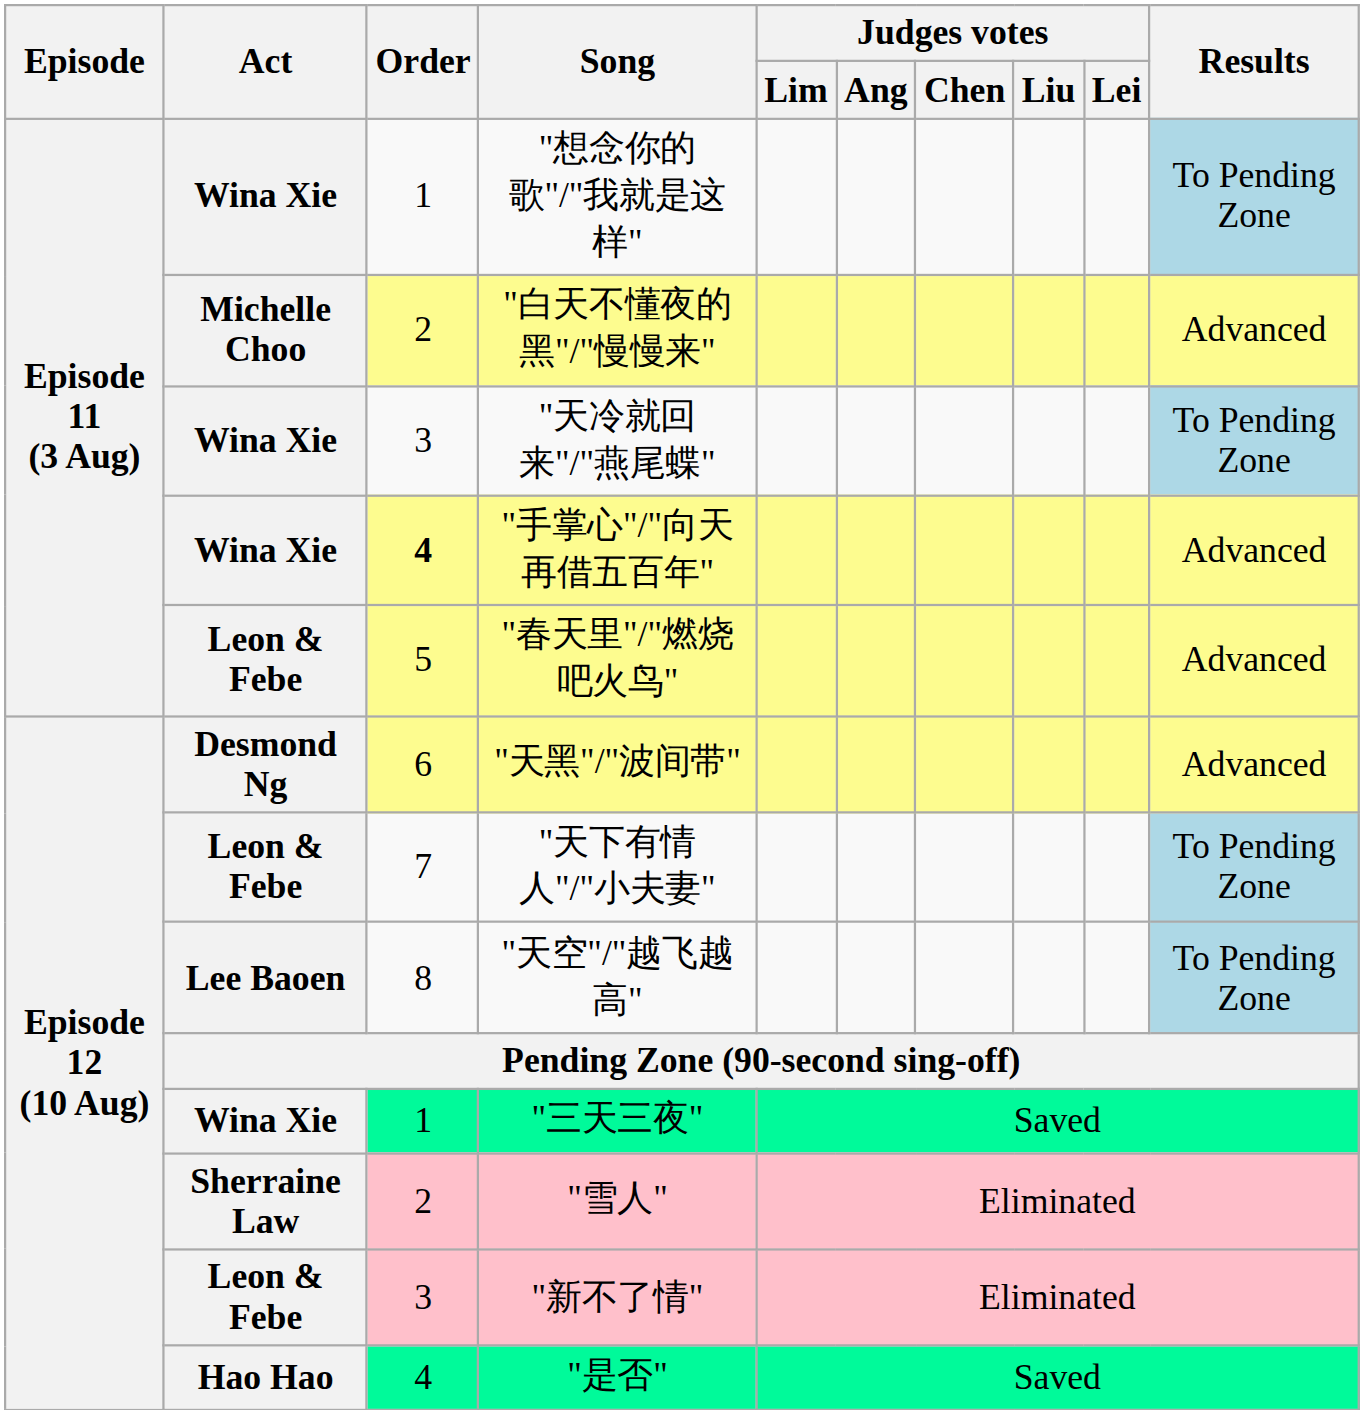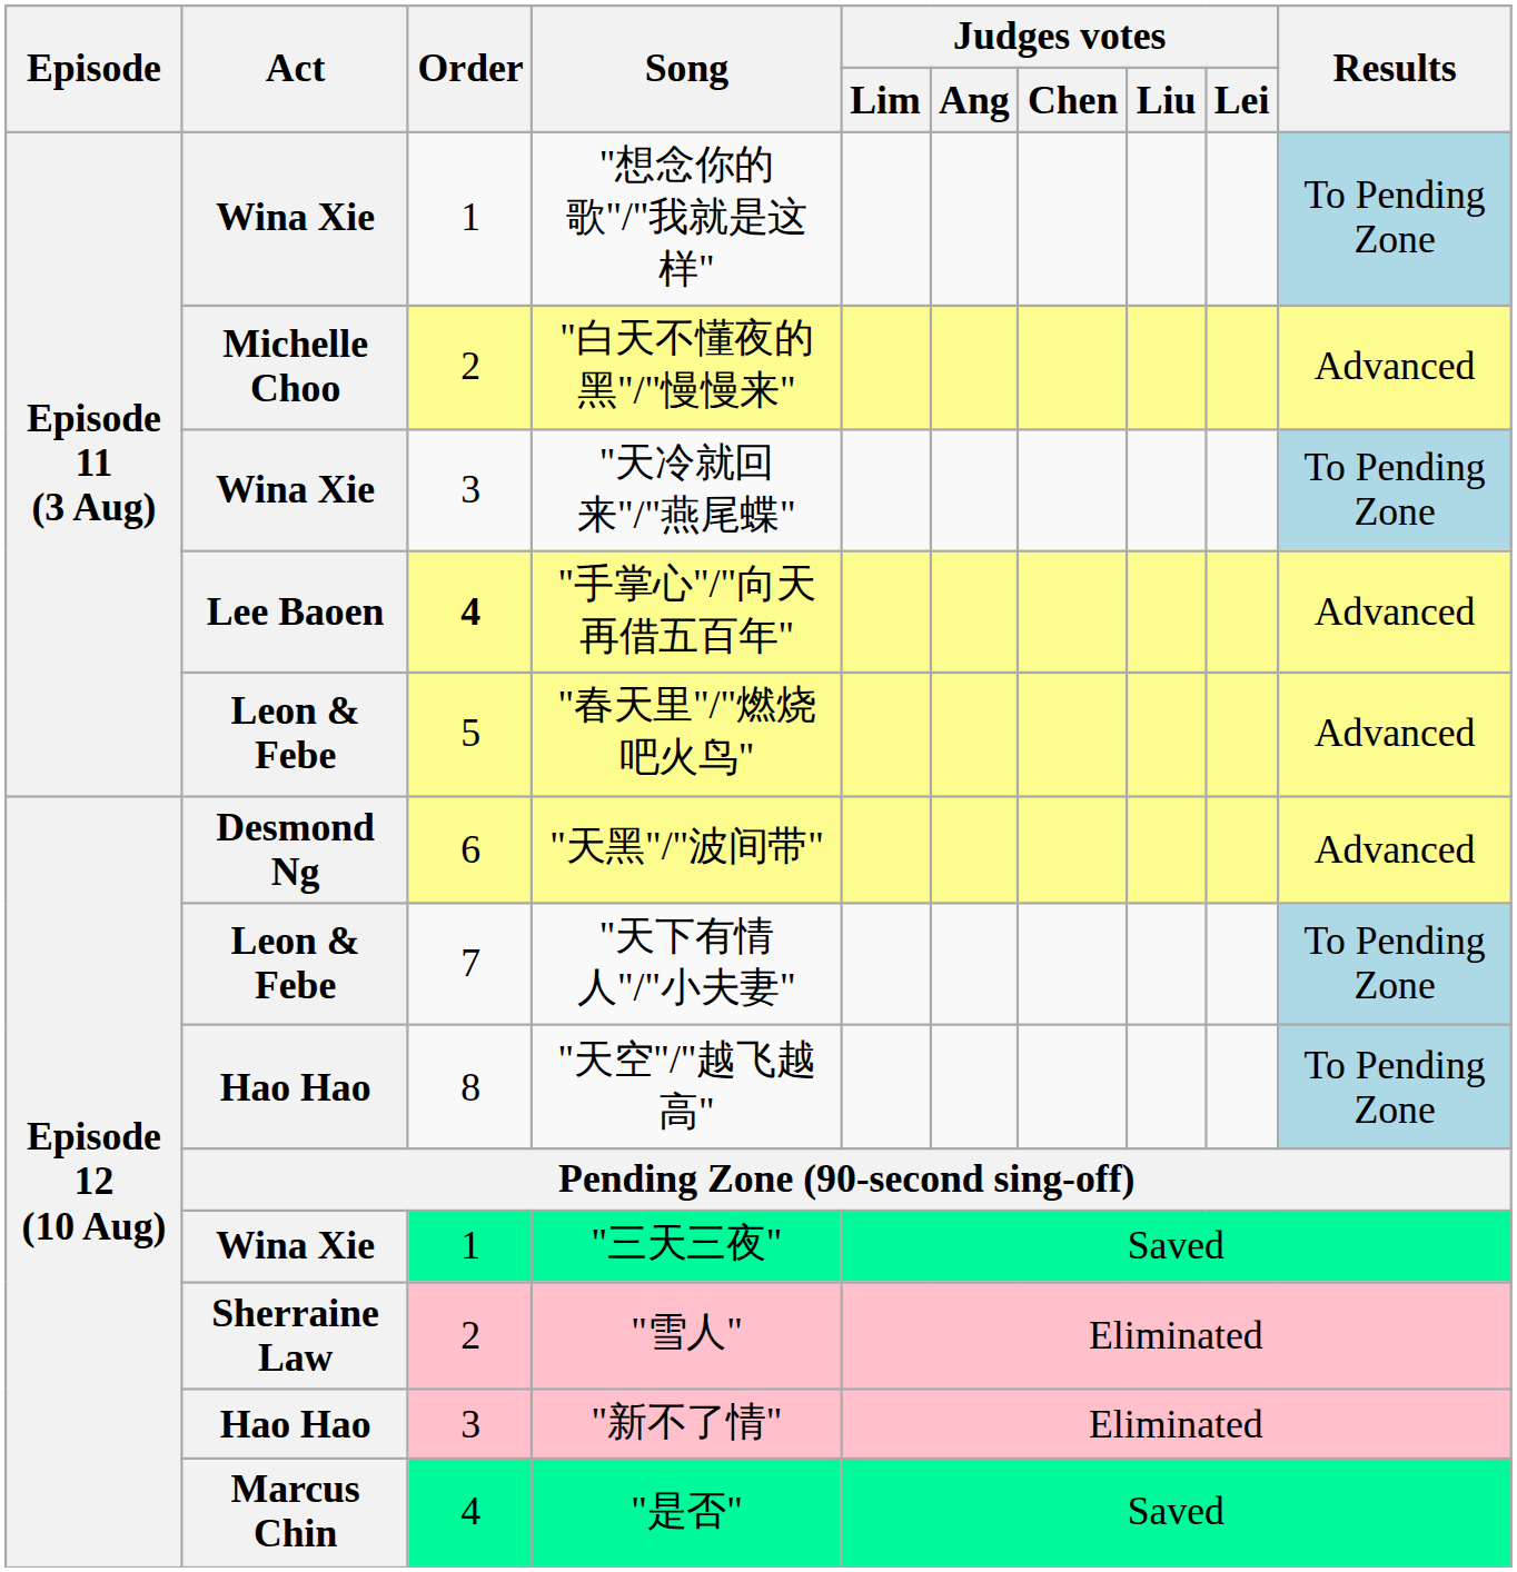 <table class="wikitable plainrowheaders" style="text-align:center;">
 <tr>
 <th scope="col" rowspan="2">Episode</th>
 <th scope="col" rowspan="2">Act</th>
 <th scope="col" rowspan="2">Order</th>
 <th scope="col" rowspan="2">Song</th>
 <th scope="col" colspan = "5">Judges votes</th>
 <th scope="col" rowspan="2">Results</th>
 </tr>
 <tr>
 <th>Lim</th>
 <th>Ang</th>
 <th>Chen</th>
 <th>Liu</th>
 <th>Lei</th>
 </tr>
 <tr>
 <th rowspan="5">Episode 11<br>(3 Aug)</th>
 <th>Wina Xie</th>
 <td>1</td>
 <td>"想念你的歌"/"我就是这样"</td>
 <td></td>
 <td></td>
 <td></td>
 <td></td>
 <td></td>
 <td style="background:lightblue">To Pending Zone</td>
 </tr>
 <tr>
 <th>Michelle Choo</th>
 <td style=background:#fdfc8f>2</td>
 <td style=background:#fdfc8f>"白天不懂夜的黑"/"慢慢来"</td>
 <td style=background:#fdfc8f></td>
 <td style=background:#fdfc8f></td>
 <td style=background:#fdfc8f></td>
 <td style=background:#fdfc8f></td>
 <td style=background:#fdfc8f></td>
 <td style=background:#fdfc8f>Advanced</td>
 </tr>
 <tr>
 <th>Wina Xie</th>
 <td>3</td>
 <td>"天冷就回来"/"燕尾蝶"</td>
 <td></td>
 <td></td>
 <td></td>
 <td></td>
 <td></td>
 <td style="background:lightblue">To Pending Zone</td>
 </tr>
 <tr>
-<th>Wina Xie</th>
+<th>Lee Baoen</th>
 <td style=background:#fdfc8f><strong>4</strong></td>
 <td style=background:#fdfc8f>"手掌心"/"向天再借五百年"</td>
 <td style=background:#fdfc8f></td>
 <td style=background:#fdfc8f></td>
 <td style=background:#fdfc8f></td>
 <td style=background:#fdfc8f></td>
 <td style=background:#fdfc8f></td>
 <td style=background:#fdfc8f>Advanced</td>
 </tr>
 <tr>
 <th>Leon & Febe</th>
 <td style=background:#fdfc8f>5</td>
 <td style=background:#fdfc8f>"春天里"/"燃烧吧火鸟"</td>
 <td style=background:#fdfc8f></td>
 <td style=background:#fdfc8f></td>
 <td style=background:#fdfc8f></td>
 <td style=background:#fdfc8f></td>
 <td style=background:#fdfc8f></td>
 <td style=background:#fdfc8f>Advanced</td>
 </tr>
 <tr>
 <th rowspan="10">Episode 12<br>(10 Aug)</th>
 <th>Desmond Ng</th>
 <td style=background:#fdfc8f>6</td>
 <td style=background:#fdfc8f>"天黑"/"波间带"</td>
 <td style=background:#fdfc8f></td>
 <td style=background:#fdfc8f></td>
 <td style=background:#fdfc8f></td>
 <td style=background:#fdfc8f></td>
 <td style=background:#fdfc8f></td>
 <td style=background:#fdfc8f>Advanced</td>
 </tr>
 <tr>
 <th>Leon & Febe</th>
 <td>7</td>
 <td>"天下有情人"/"小夫妻"</td>
 <td></td>
 <td></td>
 <td></td>
 <td></td>
 <td></td>
 <td style="background:lightblue">To Pending Zone</td>
 </tr>
 <tr>
-<th>Lee Baoen</th>
+<th>Hao Hao</th>
 <td>8</td>
 <td>"天空"/"越飞越高"</td>
 <td></td>
 <td></td>
 <td></td>
 <td></td>
 <td></td>
 <td style="background:lightblue">To Pending Zone</td>
 </tr>
 <tr>
 <th colspan="11">Pending Zone (90-second sing-off)</th>
 </tr>
 <tr>
 <th>Wina Xie</th>
 <td style="background:#00FA9A;">1</td>
 <td style="background:#00FA9A;">"三天三夜"</td>
 <td colspan="10" style="background:#00FA9A;">Saved</td>
 </tr>
 <tr>
 <th>Sherraine Law</th>
 <td style="background:pink;">2</td>
 <td style="background:pink;">"雪人"</td>
 <td colspan="10" style="background:pink;">Eliminated</td>
 </tr>
 <tr>
-<th>Leon & Febe</th>
+<th>Hao Hao</th>
 <td style="background:pink;">3</td>
 <td style="background:pink;">"新不了情"</td>
 <td colspan="10" style="background:pink;">Eliminated</td>
 </tr>
 <tr>
-<th>Hao Hao</th>
+<th>Marcus Chin</th>
 <td style="background:#00FA9A;">4</td>
 <td style="background:#00FA9A;">"是否"</td>
 <td colspan="10" style="background:#00FA9A;">Saved</td>
 </tr>
 <tr>
 </tr>
 </table>
